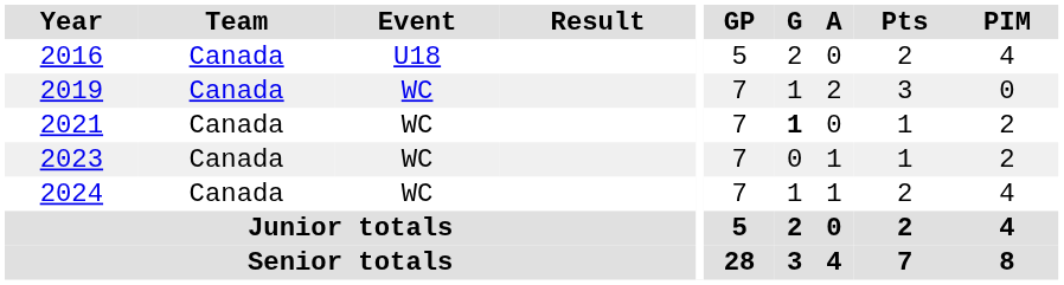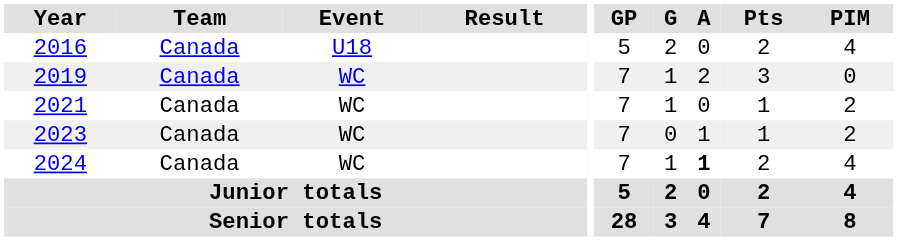 <table border="0" cellpadding="1" cellspacing="0" ID="Table3" style="text-align:center; width:40em">
 <tr bgcolor="#e0e0e0">
 <th>Year</th>
 <th>Team</th>
 <th>Event</th>
 <th>Result</th>
 <th rowspan="99" bgcolor="#ffffff"></th>
 <th>GP</th>
 <th>G</th>
 <th>A</th>
 <th>Pts</th>
 <th>PIM</th>
 </tr>
 <tr>
 <td><a href='#'>2016</a></td>
 <td><a href='#'>Canada</a></td>
 <td><a href='#'>U18</a></td>
 <td></td>
 <td>5</td>
 <td>2</td>
 <td>0</td>
 <td>2</td>
 <td>4</td>
 </tr>
 <tr bgcolor="#f0f0f0">
 <td><a href='#'>2019</a></td>
 <td><a href='#'>Canada</a></td>
 <td><a href='#'>WC</a></td>
 <td></td>
 <td>7</td>
 <td>1</td>
 <td>2</td>
 <td>3</td>
 <td>0</td>
 </tr>
 <tr>
 <td><a href='#'>2021</a></td>
 <td>Canada</td>
 <td>WC</td>
 <td></td>
 <td>7</td>
-<td><strong>1</strong></td>
+<td>1</td>
 <td>0</td>
 <td>1</td>
 <td>2</td>
 </tr>
 <tr bgcolor="#f0f0f0">
 <td><a href='#'>2023</a></td>
 <td>Canada</td>
 <td>WC</td>
 <td></td>
 <td>7</td>
 <td>0</td>
 <td>1</td>
 <td>1</td>
 <td>2</td>
 </tr>
 <tr>
 <td><a href='#'>2024</a></td>
 <td>Canada</td>
 <td>WC</td>
 <td></td>
 <td>7</td>
 <td>1</td>
-<td>1</td>
+<td><strong>1</strong></td>
 <td>2</td>
 <td>4</td>
 </tr>
 <tr bgcolor="#e0e0e0">
 <th colspan="4">Junior totals</th>
 <th>5</th>
 <th>2</th>
 <th>0</th>
 <th>2</th>
 <th>4</th>
 </tr>
 <tr bgcolor="#e0e0e0">
 <th colspan="4">Senior totals</th>
 <th>28</th>
 <th>3</th>
 <th>4</th>
 <th>7</th>
 <th>8</th>
 </tr>
 </table>
